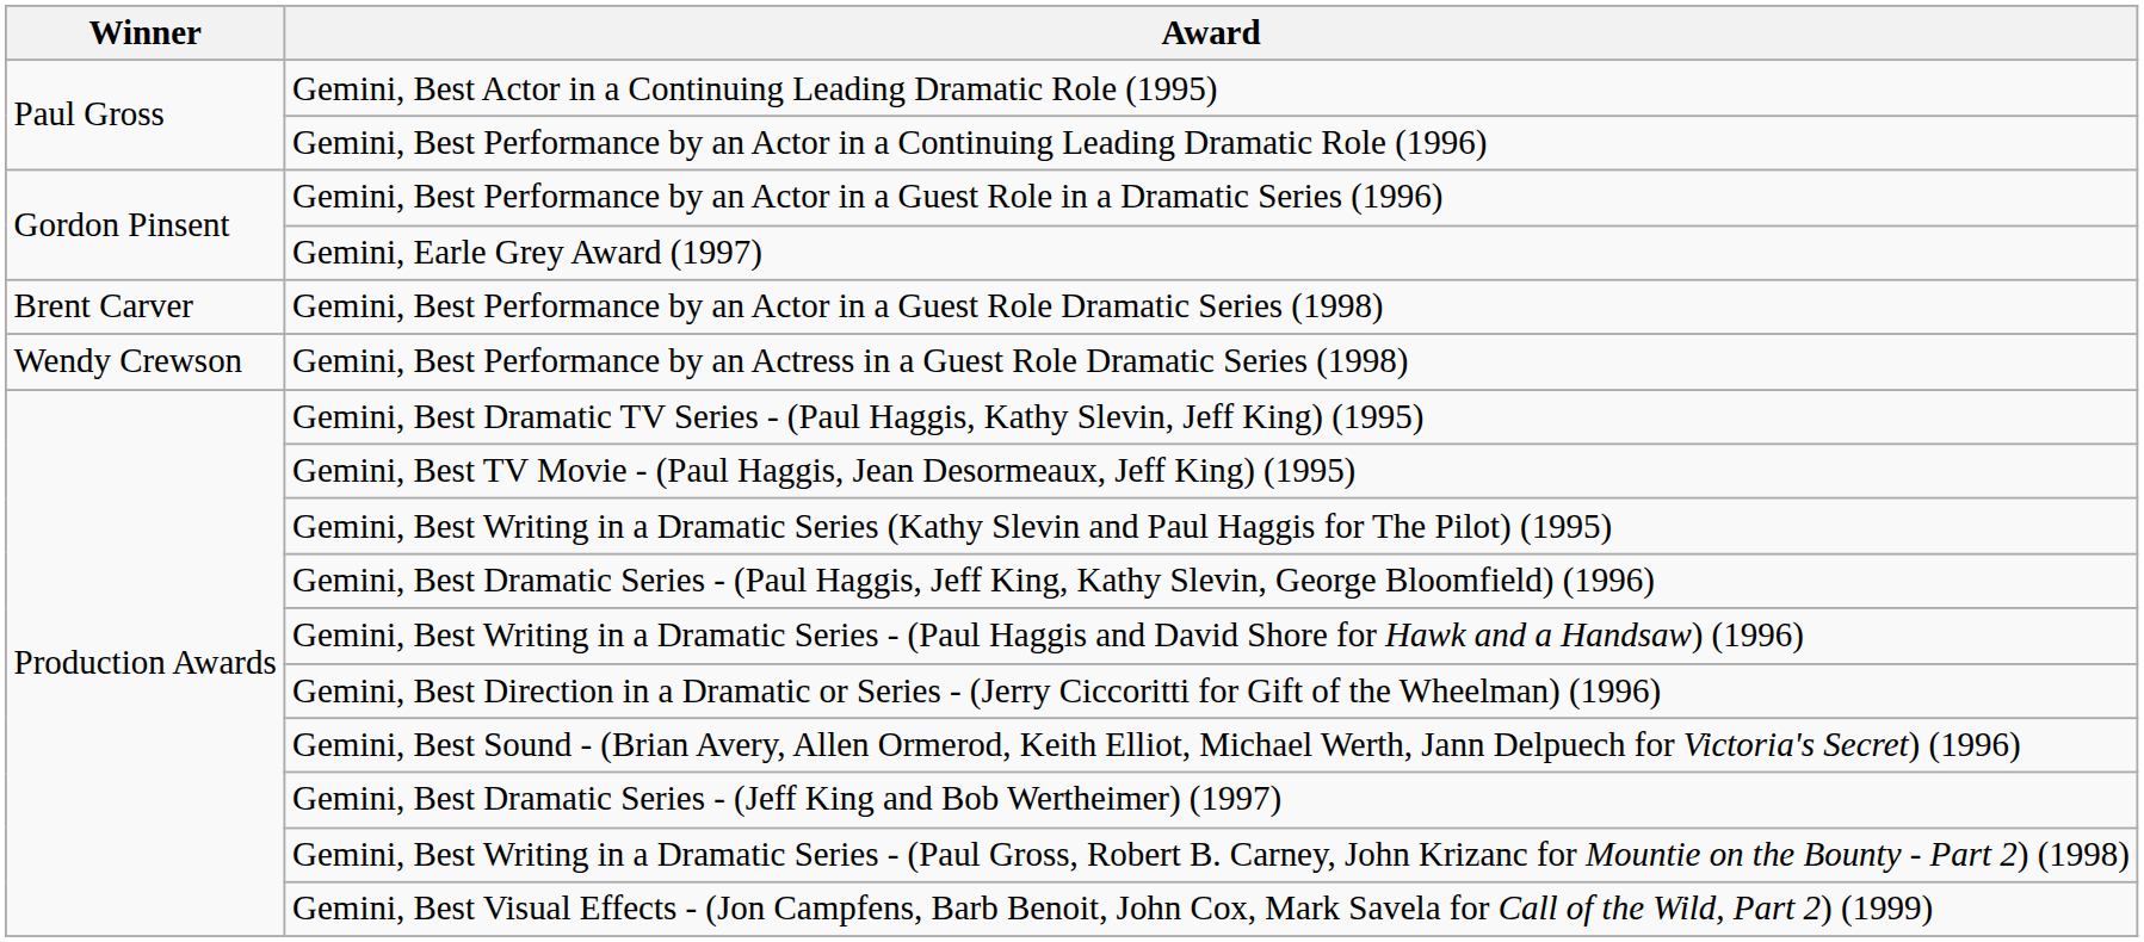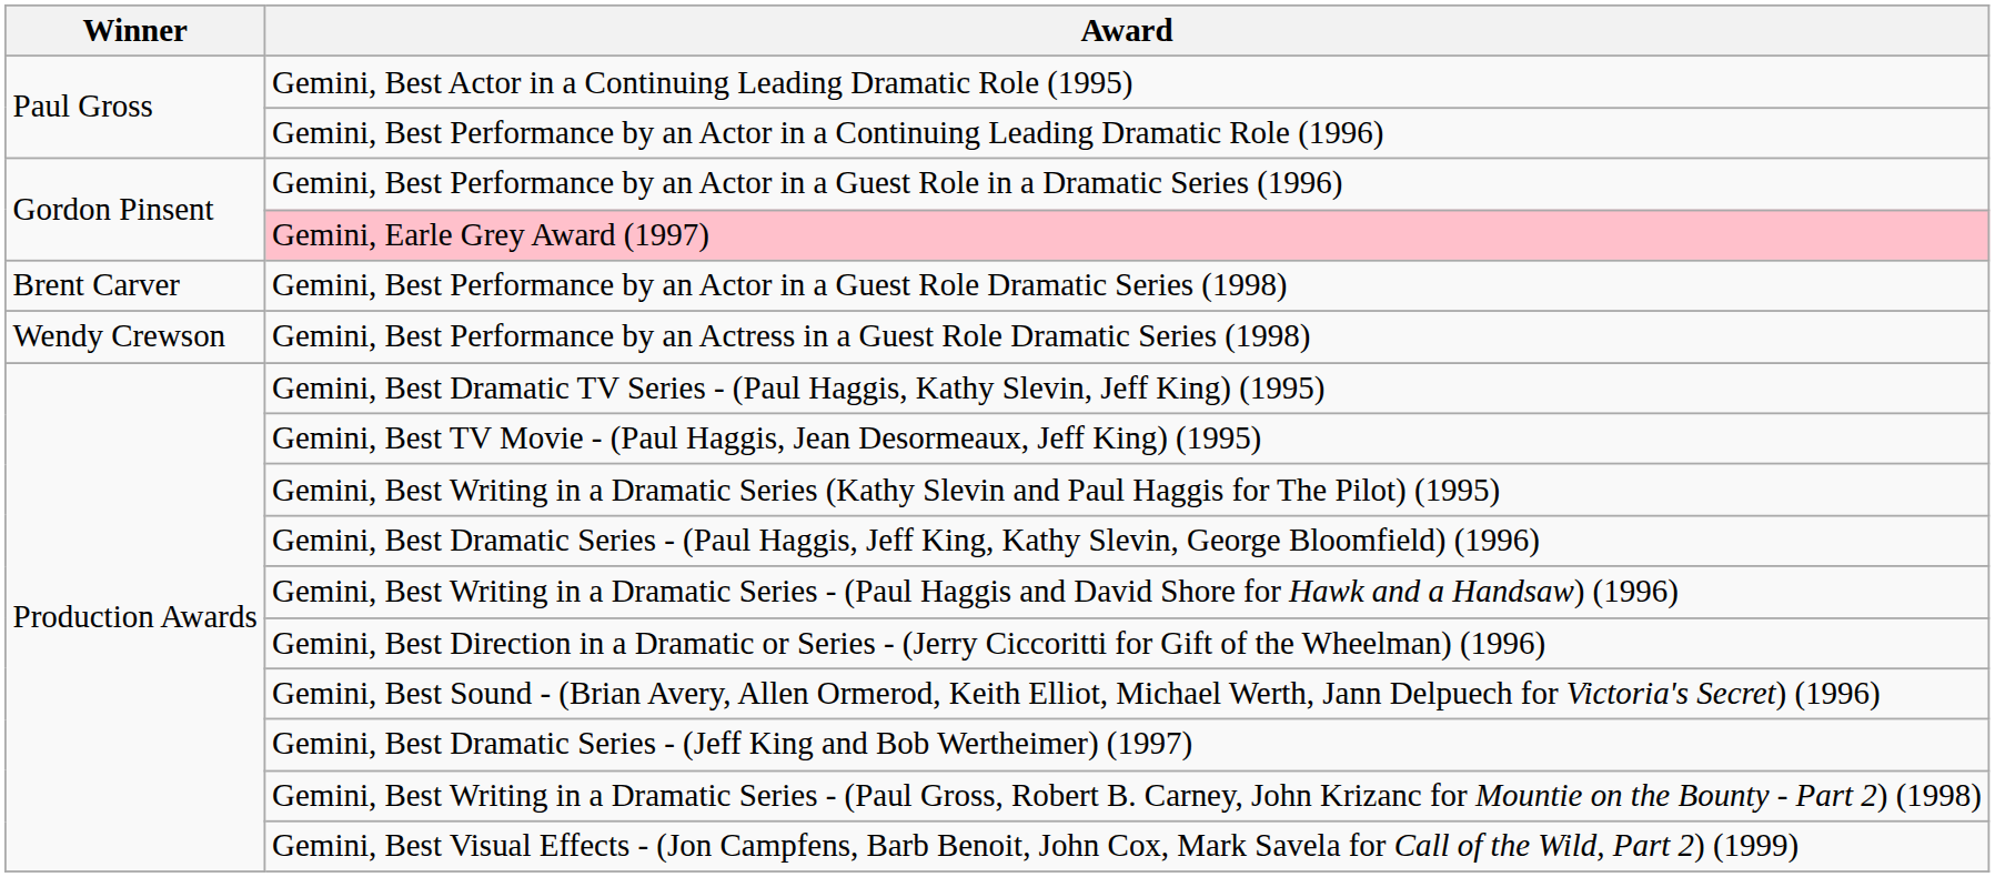 <table class="wikitable">
 <tr>
 <th>Winner</th>
 <th>Award</th>
 </tr>
 <tr>
 <td rowspan="2">Paul Gross</td>
 <td>Gemini, Best Actor in a Continuing Leading Dramatic Role (1995)</td>
 </tr>
 <tr>
 <td>Gemini, Best Performance by an Actor in a Continuing Leading Dramatic Role (1996)</td>
 </tr>
 <tr>
 <td rowspan="2">Gordon Pinsent</td>
 <td>Gemini, Best Performance by an Actor in a Guest Role in a Dramatic Series (1996)</td>
 </tr>
 <tr>
-<td>Gemini, Earle Grey Award (1997)</td>
+<td style="background: pink;">Gemini, Earle Grey Award (1997)</td>
 </tr>
 <tr>
 <td>Brent Carver</td>
 <td>Gemini, Best Performance by an Actor in a Guest Role Dramatic Series (1998)</td>
 </tr>
 <tr>
 <td>Wendy Crewson</td>
 <td>Gemini, Best Performance by an Actress in a Guest Role Dramatic Series (1998)</td>
 </tr>
 <tr>
 <td rowspan="10">Production Awards</td>
 <td>Gemini, Best Dramatic TV Series - (Paul Haggis, Kathy Slevin, Jeff King) (1995)</td>
 </tr>
 <tr>
 <td>Gemini, Best TV Movie - (Paul Haggis, Jean Desormeaux, Jeff King) (1995)</td>
 </tr>
 <tr>
 <td>Gemini, Best Writing in a Dramatic Series (Kathy Slevin and Paul Haggis for The Pilot) (1995)</td>
 </tr>
 <tr>
 <td>Gemini, Best Dramatic Series - (Paul Haggis, Jeff King, Kathy Slevin, George Bloomfield) (1996)</td>
 </tr>
 <tr>
 <td>Gemini, Best Writing in a Dramatic Series - (Paul Haggis and David Shore for <em>Hawk and a Handsaw</em>) (1996)</td>
 </tr>
 <tr>
 <td>Gemini, Best Direction in a Dramatic or Series - (Jerry Ciccoritti for Gift of the Wheelman) (1996)</td>
 </tr>
 <tr>
 <td>Gemini, Best Sound - (Brian Avery, Allen Ormerod, Keith Elliot, Michael Werth, Jann Delpuech for <em>Victoria's Secret</em>) (1996)</td>
 </tr>
 <tr>
 <td>Gemini, Best Dramatic Series - (Jeff King and Bob Wertheimer) (1997)</td>
 </tr>
 <tr>
 <td>Gemini, Best Writing in a Dramatic Series - (Paul Gross, Robert B. Carney, John Krizanc for <em>Mountie on the Bounty - Part 2</em>) (1998)</td>
 </tr>
 <tr>
 <td>Gemini, Best Visual Effects - (Jon Campfens, Barb Benoit, John Cox, Mark Savela for <em>Call of the Wild, Part 2</em>) (1999)</td>
 </tr>
 </table>
